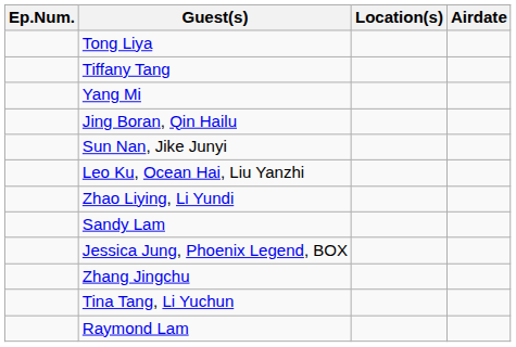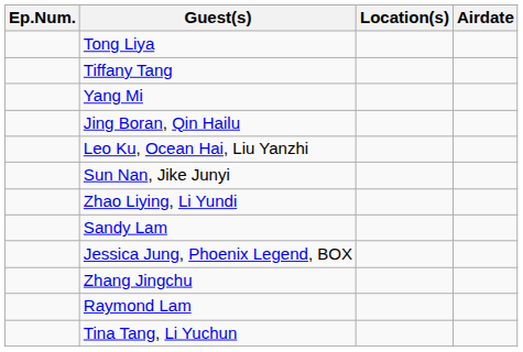 <table class="wikitable plainrowheaders">
 <tr>
 <th scope="col" style="background-color: width=3%">Ep.Num.</th>
 <th scope="col" style="background-color: width=15%">Guest(s)</th>
 <th scope="col" style="background-color: width=15%">Location(s)</th>
 <th scope="col" style="background-color: width=4%">Airdate</th>
 </tr>
 <tr>
 <td></td>
 <td><a href='#'>Tong Liya</a></td>
 <td></td>
 <td></td>
 </tr>
 <tr>
 <td></td>
 <td><a href='#'>Tiffany Tang</a></td>
 <td></td>
 <td></td>
 </tr>
 <tr>
 <td></td>
 <td><a href='#'>Yang Mi</a></td>
 <td></td>
 <td></td>
 </tr>
 <tr>
 <td></td>
 <td><a href='#'>Jing Boran</a>, <a href='#'>Qin Hailu</a></td>
 <td></td>
 <td></td>
 </tr>
 <tr>
 <td></td>
-<td><a href='#'>Sun Nan</a>, Jike Junyi</td>
+<td><a href='#'>Leo Ku</a>, <a href='#'>Ocean Hai</a>, Liu Yanzhi</td>
 <td></td>
 <td></td>
 </tr>
 <tr>
 <td></td>
-<td><a href='#'>Leo Ku</a>, <a href='#'>Ocean Hai</a>, Liu Yanzhi</td>
+<td><a href='#'>Sun Nan</a>, Jike Junyi</td>
 <td></td>
 <td></td>
 </tr>
 <tr>
 <td></td>
 <td><a href='#'>Zhao Liying</a>, <a href='#'>Li Yundi</a></td>
 <td></td>
 <td></td>
 </tr>
 <tr>
 <td></td>
 <td><a href='#'>Sandy Lam</a></td>
 <td></td>
 <td></td>
 </tr>
 <tr>
 <td></td>
 <td><a href='#'>Jessica Jung</a>, <a href='#'>Phoenix Legend</a>, BOX</td>
 <td></td>
 <td></td>
 </tr>
 <tr>
 <td></td>
 <td><a href='#'>Zhang Jingchu</a></td>
 <td></td>
 <td></td>
 </tr>
 <tr>
 <td></td>
-<td><a href='#'>Tina Tang</a>, <a href='#'>Li Yuchun</a></td>
+<td><a href='#'>Raymond Lam</a></td>
 <td></td>
 <td></td>
 </tr>
 <tr>
 <td></td>
-<td><a href='#'>Raymond Lam</a></td>
+<td><a href='#'>Tina Tang</a>, <a href='#'>Li Yuchun</a></td>
 <td></td>
 <td></td>
 </tr>
 </table>
